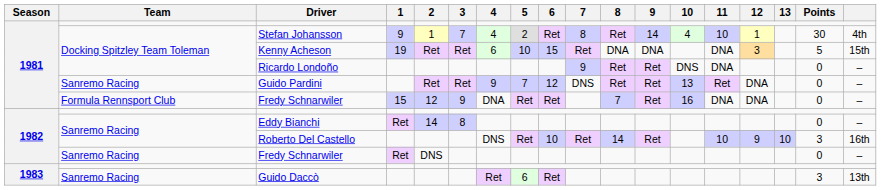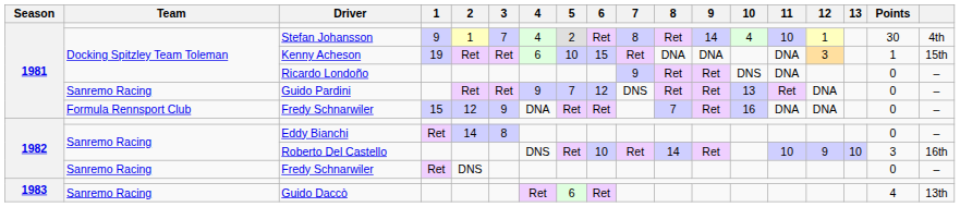 <table class="wikitable" style="text-align:center; font-size:95%;" width="100%">
 <tr>
 <th>Season</th>
 <th>Team</th>
 <th>Driver</th>
 <th>1</th>
 <th>2</th>
 <th>3</th>
 <th>4</th>
 <th>5</th>
 <th>6</th>
 <th>7</th>
 <th>8</th>
 <th>9</th>
 <th>10</th>
 <th>11</th>
 <th>12</th>
 <th>13</th>
 <th>Points</th>
 <th></th>
 </tr>
 <tr>
 <th rowspan="6"><a href='#'>1981</a></th>
 <td></td>
 <td></td>
 <td></td>
 <td></td>
 <td></td>
 </tr>
 <tr>
 <td rowspan="3" style="text-align:left;"> <a href='#'>Docking Spitzley Team Toleman</a></td>
 <td style="text-align:left;"> <a href='#'>Stefan Johansson</a></td>
 <td bgcolor="#CFCFFF">9</td>
 <td bgcolor="#FFFFBF">1</td>
 <td bgcolor="#CFCFFF">7</td>
 <td bgcolor="#DFFFDF">4</td>
 <td bgcolor="#DFDFDF">2</td>
 <td bgcolor="#EFCFFF">Ret</td>
 <td bgcolor="#CFCFFF">8</td>
 <td bgcolor="#EFCFFF">Ret</td>
 <td bgcolor="#CFCFFF">14</td>
 <td bgcolor="#DFFFDF">4</td>
 <td bgcolor="#CFCFFF">10</td>
 <td bgcolor="#FFFFBF">1</td>
 <td></td>
 <td align="center">30</td>
 <td align="center">4th</td>
 </tr>
 <tr>
 <td style="text-align:left;"> <a href='#'>Kenny Acheson</a></td>
 <td bgcolor="#CFCFFF">19</td>
 <td bgcolor="#EFCFFF">Ret</td>
 <td bgcolor="#EFCFFF">Ret</td>
 <td bgcolor="#DFFFDF">6</td>
 <td bgcolor="#CFCFFF">10</td>
 <td bgcolor="#CFCFFF">15</td>
 <td bgcolor="#EFCFFF">Ret</td>
 <td>DNA</td>
 <td>DNA</td>
 <td></td>
 <td>DNA</td>
 <td bgcolor="#FFDF9F">3</td>
 <td></td>
-<td align="center">5</td>
+<td align="center">1</td>
 <td align="center">15th</td>
 </tr>
 <tr>
 <td style="text-align:left;"> <a href='#'>Ricardo Londoño</a></td>
 <td></td>
 <td></td>
 <td></td>
 <td></td>
 <td></td>
 <td></td>
 <td bgcolor="#CFCFFF">9</td>
 <td bgcolor="#EFCFFF">Ret</td>
 <td bgcolor="#EFCFFF">Ret</td>
 <td>DNS</td>
 <td>DNA</td>
 <td></td>
 <td></td>
 <td align="center">0</td>
 <td align="center">–</td>
 </tr>
 <tr>
 <td style="text-align:left;"> <a href='#'>Sanremo Racing</a></td>
 <td style="text-align:left;"> <a href='#'>Guido Pardini</a></td>
 <td></td>
 <td bgcolor="#EFCFFF">Ret</td>
 <td bgcolor="#EFCFFF">Ret</td>
 <td bgcolor="#CFCFFF">9</td>
 <td bgcolor="#CFCFFF">7</td>
 <td bgcolor="#CFCFFF">12</td>
 <td>DNS</td>
 <td bgcolor="#EFCFFF">Ret</td>
 <td bgcolor="#EFCFFF">Ret</td>
 <td bgcolor="#CFCFFF">13</td>
 <td bgcolor="#EFCFFF">Ret</td>
 <td>DNA</td>
 <td></td>
 <td>0</td>
 <td>–</td>
 </tr>
 <tr>
 <td align="left"> <a href='#'>Formula Rennsport Club</a></td>
 <td align="left"> <a href='#'>Fredy Schnarwiler</a></td>
 <td bgcolor="#CFCFFF">15</td>
 <td bgcolor="#CFCFFF">12</td>
 <td bgcolor="#CFCFFF">9</td>
 <td>DNA</td>
 <td bgcolor="#EFCFFF">Ret</td>
 <td bgcolor="#EFCFFF">Ret</td>
 <td></td>
 <td bgcolor="#CFCFFF">7</td>
 <td bgcolor="#EFCFFF">Ret</td>
 <td bgcolor="#CFCFFF">16</td>
 <td>DNA</td>
 <td>DNA</td>
 <td></td>
 <td>0</td>
 <td>–</td>
 </tr>
 <tr>
 <th rowspan="4"><a href='#'>1982</a></th>
 <td></td>
 <td></td>
 <td></td>
 <td></td>
 </tr>
 <tr>
 <td rowspan="2" style="text-align:left;"> <a href='#'>Sanremo Racing</a></td>
 <td style="text-align:left;"> <a href='#'>Eddy Bianchi</a></td>
 <td bgcolor="#EFCFFF">Ret</td>
 <td bgcolor="#CFCFFF">14</td>
 <td bgcolor="#CFCFFF">8</td>
 <td></td>
 <td></td>
 <td></td>
 <td></td>
 <td></td>
 <td></td>
 <td></td>
 <td></td>
 <td></td>
 <td></td>
 <td>0</td>
 <td>–</td>
 </tr>
 <tr>
 <td style="text-align:left;"> <a href='#'>Roberto Del Castello</a></td>
 <td></td>
 <td></td>
 <td></td>
 <td>DNS</td>
 <td bgcolor="#EFCFFF">Ret</td>
 <td bgcolor="#CFCFFF">10</td>
 <td bgcolor="#EFCFFF">Ret</td>
 <td bgcolor="#CFCFFF">14</td>
 <td bgcolor="#EFCFFF">Ret</td>
 <td></td>
 <td bgcolor="#CFCFFF">10</td>
 <td bgcolor="#CFCFFF">9</td>
 <td bgcolor="#CFCFFF">10</td>
 <td>3</td>
 <td>16th</td>
 </tr>
 <tr>
 <td style="text-align:left;"> <a href='#'>Sanremo Racing</a></td>
 <td align="left"> <a href='#'>Fredy Schnarwiler</a></td>
 <td bgcolor="#EFCFFF">Ret</td>
 <td>DNS</td>
 <td></td>
 <td></td>
 <td></td>
 <td></td>
 <td></td>
 <td></td>
 <td></td>
 <td></td>
 <td></td>
 <td></td>
 <td></td>
 <td>0</td>
 <td>–</td>
 </tr>
 <tr>
 <th rowspan="2"><a href='#'>1983</a></th>
 <td></td>
 <td></td>
 <td></td>
 <td></td>
 <td></td>
 </tr>
 <tr>
 <td style="text-align:left;"> <a href='#'>Sanremo Racing</a></td>
 <td style="text-align:left;"> <a href='#'>Guido Daccò</a></td>
 <td></td>
 <td></td>
 <td></td>
 <td bgcolor="#EFCFFF">Ret</td>
 <td bgcolor="#DFFFDF">6</td>
 <td bgcolor="#EFCFFF">Ret</td>
 <td></td>
 <td></td>
 <td></td>
 <td></td>
 <td></td>
 <td></td>
 <td></td>
-<td>3</td>
+<td>4</td>
 <td>13th</td>
 </tr>
 </table>
